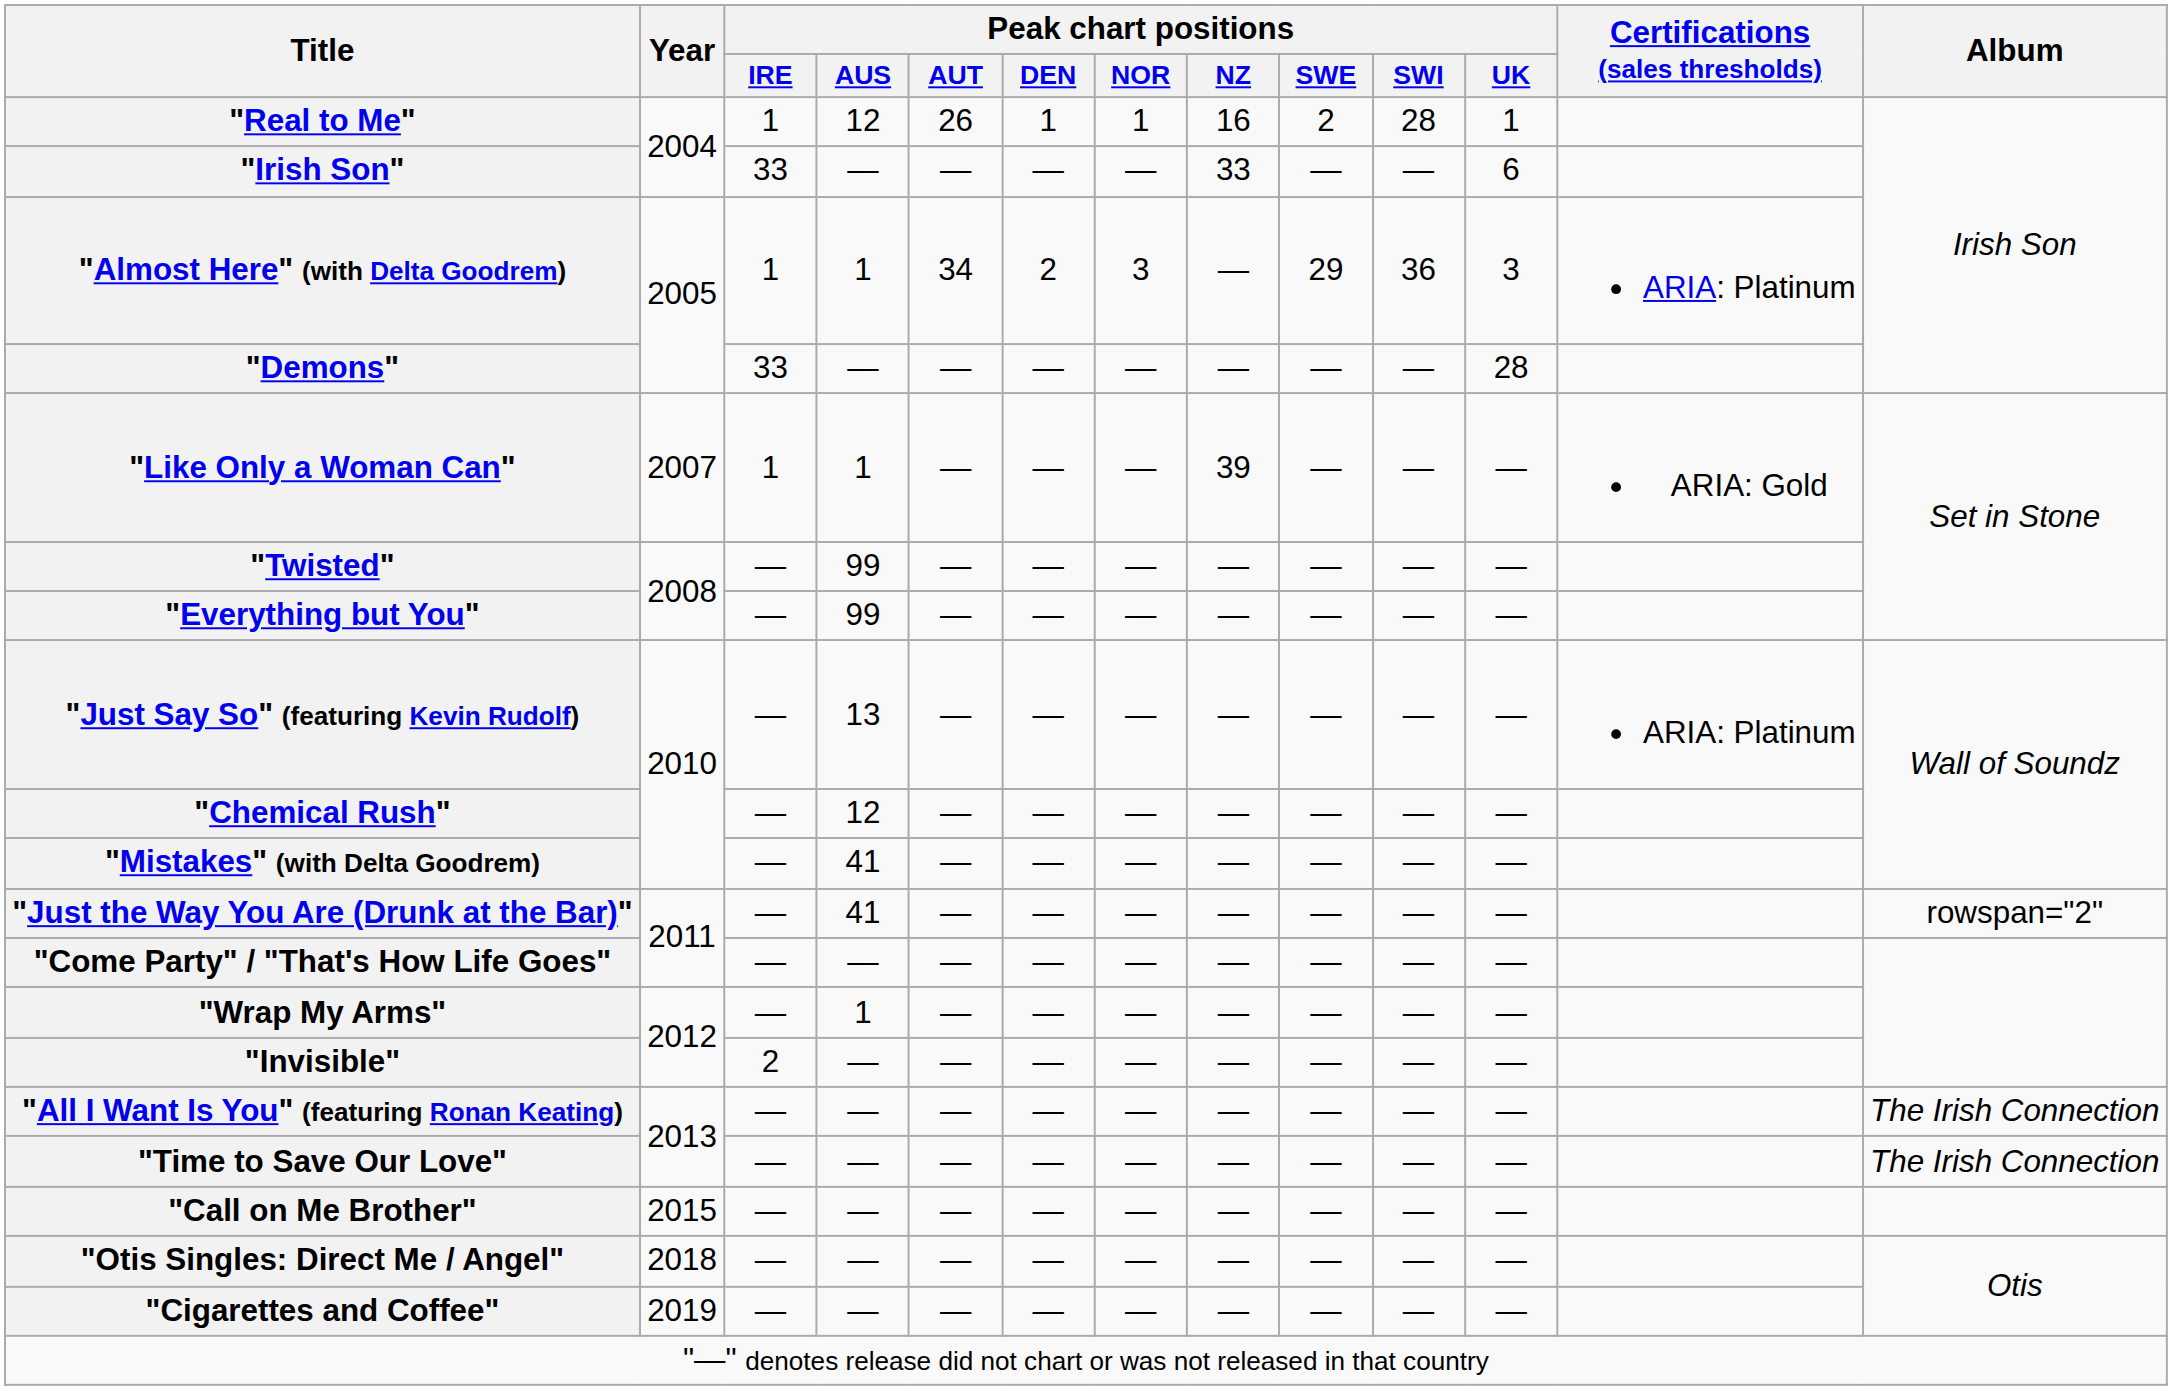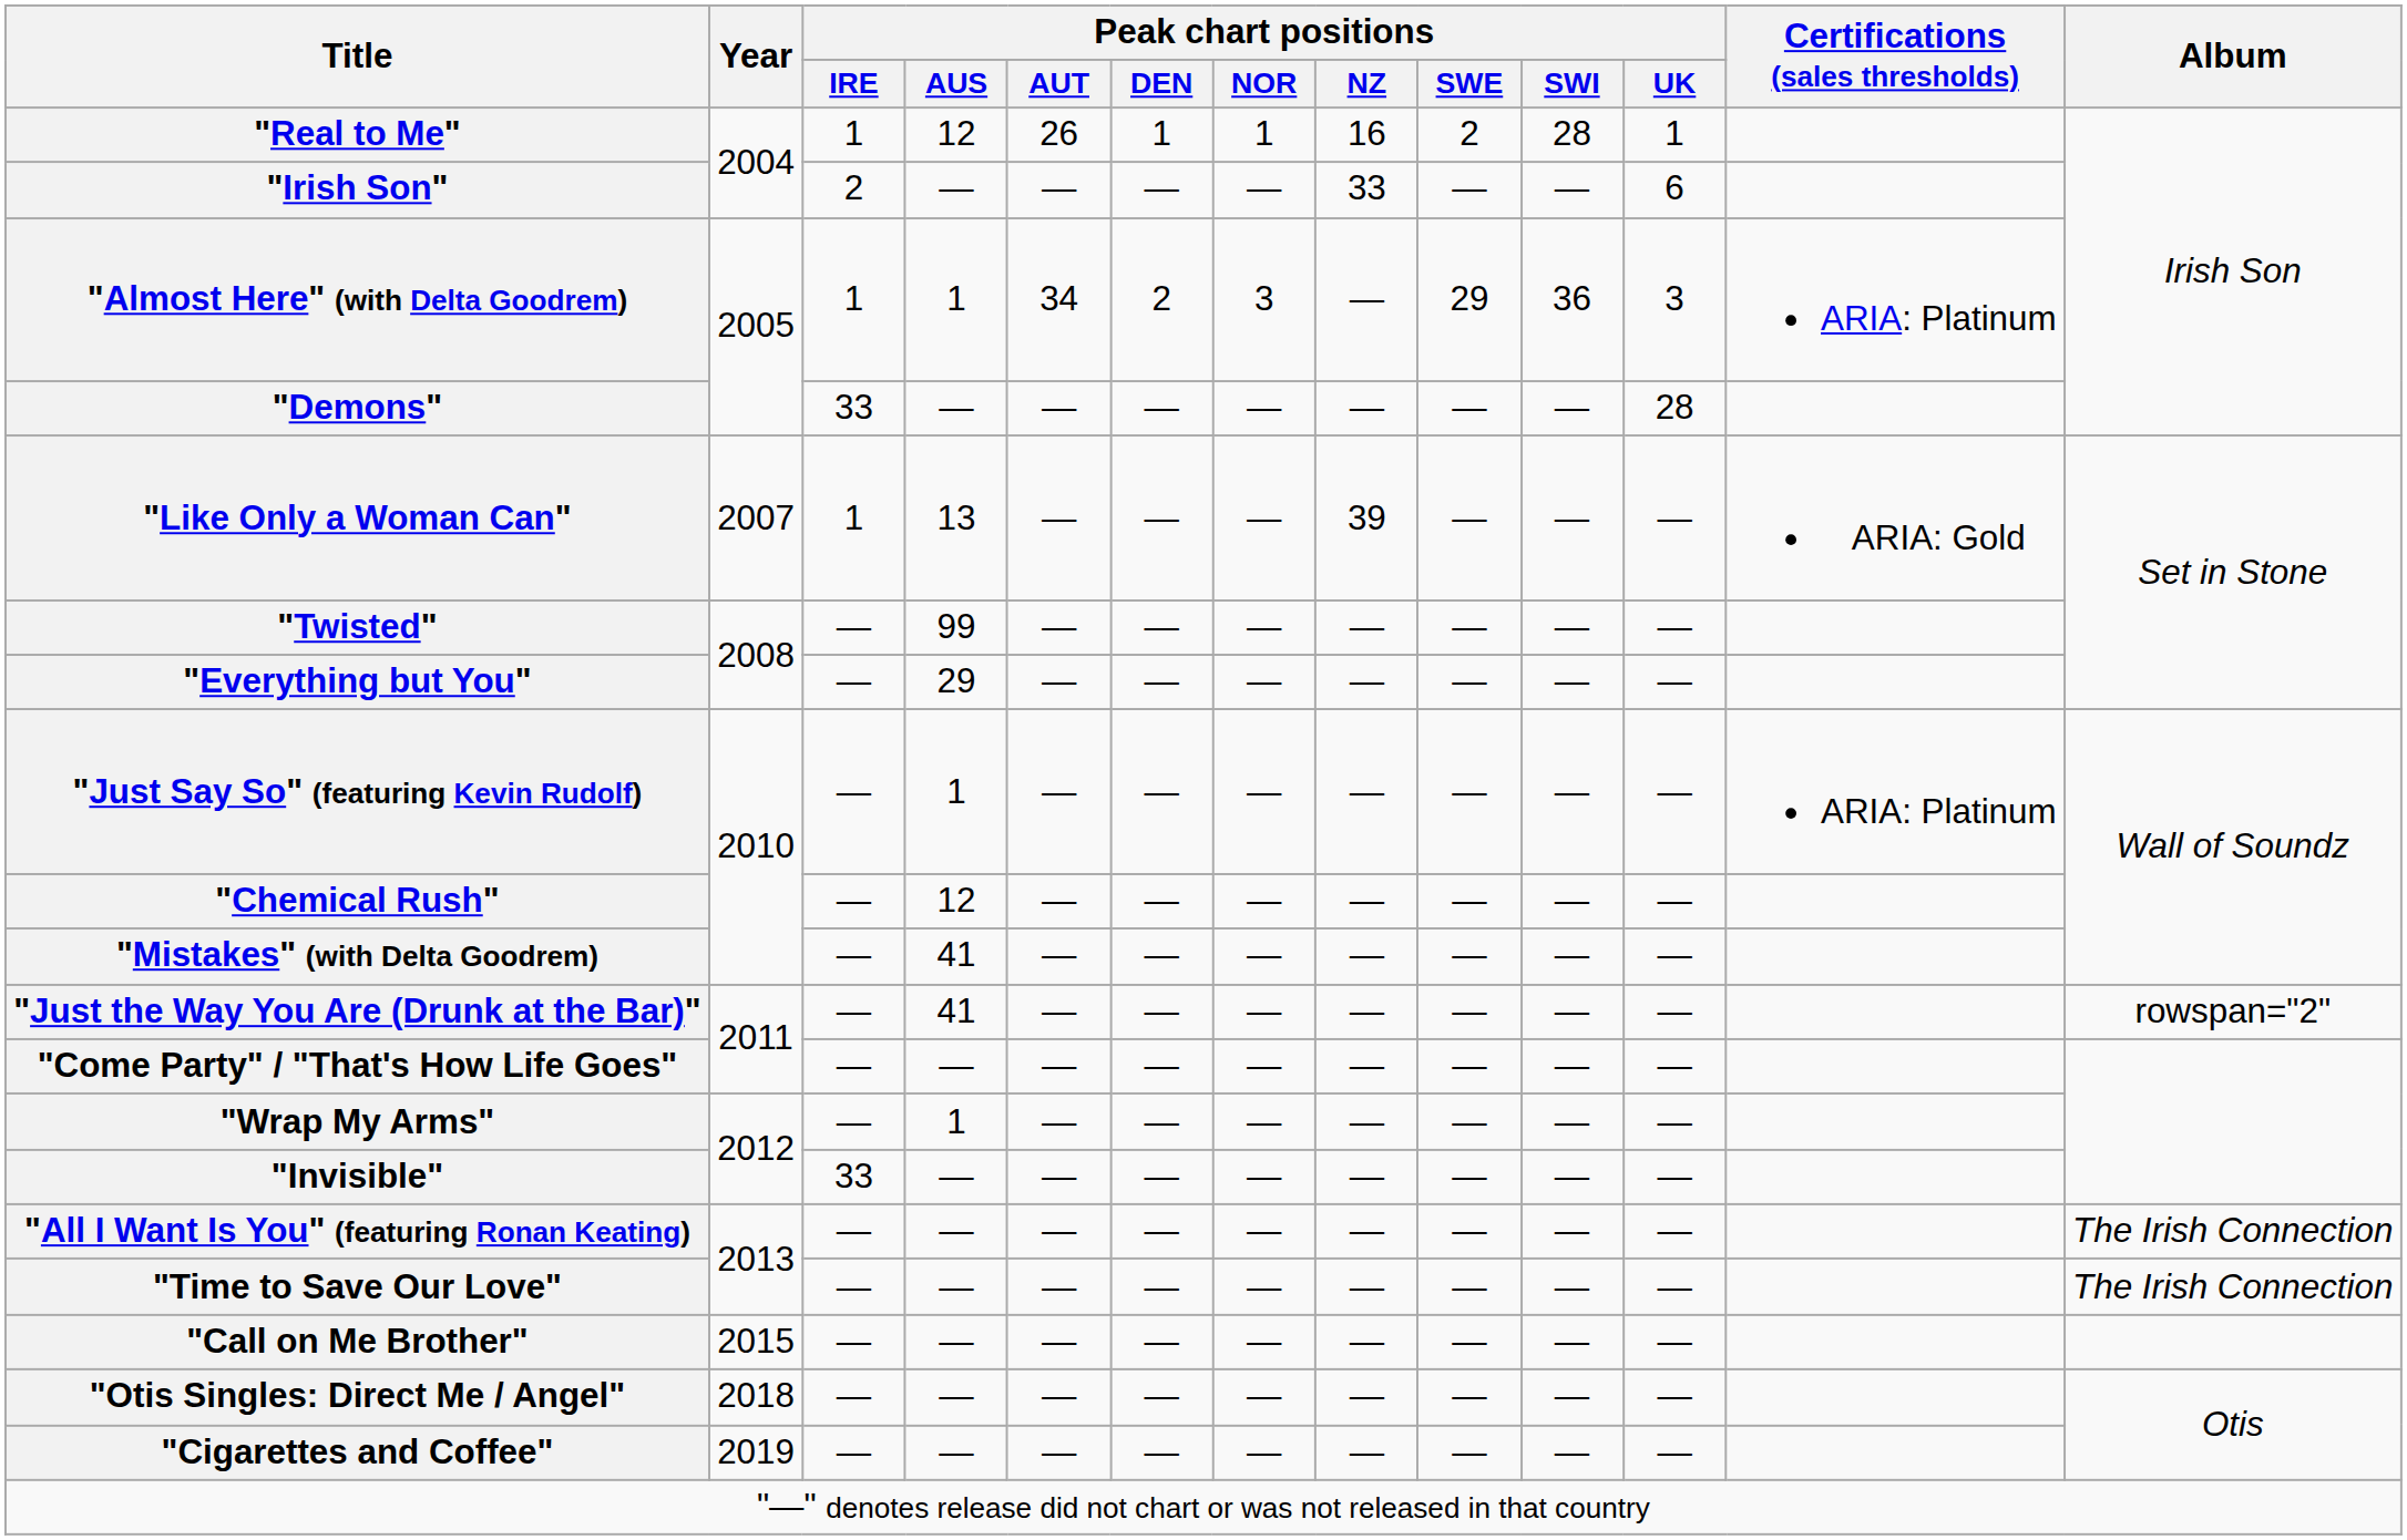 <table class="wikitable plainrowheaders" style="text-align:center;">
 <tr>
 <th rowspan="2">Title</th>
 <th rowspan="2">Year</th>
 <th colspan="9">Peak chart positions</th>
 <th rowspan="2"><a href='#'>Certifications</a><br><small><a href='#'>(sales thresholds)</a></small></th>
 <th rowspan="2">Album</th>
 </tr>
 <tr>
 <th style="width:3em;font-size:85%;"><a href='#'>IRE</a><br></th>
 <th style="width:3em;font-size:85%;"><a href='#'>AUS</a><br></th>
 <th style="width:3em;font-size:85%;"><a href='#'>AUT</a><br></th>
 <th style="width:3em;font-size:85%;"><a href='#'>DEN</a><br></th>
 <th style="width:3em;font-size:85%;"><a href='#'>NOR</a><br></th>
 <th style="width:3em;font-size:85%;"><a href='#'>NZ</a><br></th>
 <th style="width:3em;font-size:85%;"><a href='#'>SWE</a><br></th>
 <th style="width:3em;font-size:85%;"><a href='#'>SWI</a><br></th>
 <th style="width:3em;font-size:85%;"><a href='#'>UK</a><br></th>
 </tr>
 <tr>
 <th scope="row">"<a href='#'>Real to Me</a>"</th>
 <td rowspan="2">2004</td>
 <td>1</td>
 <td>12</td>
 <td>26</td>
 <td>1</td>
 <td>1</td>
 <td>16</td>
 <td>2</td>
 <td>28</td>
 <td>1</td>
 <td></td>
 <td rowspan="4"><em>Irish Son</em></td>
 </tr>
 <tr>
 <th scope="row">"<a href='#'>Irish Son</a>"</th>
-<td>33</td>
+<td>2</td>
 <td>—</td>
 <td>—</td>
 <td>—</td>
 <td>—</td>
 <td>33</td>
 <td>—</td>
 <td>—</td>
 <td>6</td>
 <td></td>
 </tr>
 <tr>
 <th scope="row">"<a href='#'>Almost Here</a>" <small>(with <a href='#'>Delta Goodrem</a>)</small></th>
 <td rowspan="2">2005</td>
 <td>1</td>
 <td>1</td>
 <td>34</td>
 <td>2</td>
 <td>3</td>
 <td>—</td>
 <td>29</td>
 <td>36</td>
 <td>3</td>
 <td><br><ul><li><a href='#'>ARIA</a>: Platinum</li></ul></td>
 </tr>
 <tr>
 <th scope="row">"<a href='#'>Demons</a>"</th>
 <td>33</td>
 <td>—</td>
 <td>—</td>
 <td>—</td>
 <td>—</td>
 <td>—</td>
 <td>—</td>
 <td>—</td>
 <td>28</td>
 <td></td>
 </tr>
 <tr>
 <th scope="row">"<a href='#'>Like Only a Woman Can</a>"</th>
 <td>2007</td>
 <td>1</td>
-<td>1</td>
+<td>13</td>
 <td>—</td>
 <td>—</td>
 <td>—</td>
 <td>39</td>
 <td>—</td>
 <td>—</td>
 <td>—</td>
 <td><br><ul><li>ARIA: Gold</li></ul></td>
 <td rowspan="3"><em>Set in Stone</em></td>
 </tr>
 <tr>
 <th scope="row">"<a href='#'>Twisted</a>"</th>
 <td rowspan="2">2008</td>
 <td>—</td>
 <td>99</td>
 <td>—</td>
 <td>—</td>
 <td>—</td>
 <td>—</td>
 <td>—</td>
 <td>—</td>
 <td>—</td>
 <td></td>
 </tr>
 <tr>
 <th scope="row">"<a href='#'>Everything but You</a>"</th>
 <td>—</td>
-<td>99</td>
+<td>29</td>
 <td>—</td>
 <td>—</td>
 <td>—</td>
 <td>—</td>
 <td>—</td>
 <td>—</td>
 <td>—</td>
 <td></td>
 </tr>
 <tr>
 <th scope="row">"<a href='#'>Just Say So</a>" <small>(featuring <a href='#'>Kevin Rudolf</a>)</small></th>
 <td rowspan="3">2010</td>
 <td>—</td>
-<td>13</td>
+<td>1</td>
 <td>—</td>
 <td>—</td>
 <td>—</td>
 <td>—</td>
 <td>—</td>
 <td>—</td>
 <td>—</td>
 <td><br><ul><li>ARIA: Platinum</li></ul></td>
 <td rowspan="3"><em>Wall of Soundz</em></td>
 </tr>
 <tr>
 <th scope="row">"<a href='#'>Chemical Rush</a>"</th>
 <td>—</td>
 <td>12</td>
 <td>—</td>
 <td>—</td>
 <td>—</td>
 <td>—</td>
 <td>—</td>
 <td>—</td>
 <td>—</td>
 <td></td>
 </tr>
 <tr>
 <th scope="row">"<a href='#'>Mistakes</a>" <small>(with Delta Goodrem)</small></th>
 <td>—</td>
 <td>41</td>
 <td>—</td>
 <td>—</td>
 <td>—</td>
 <td>—</td>
 <td>—</td>
 <td>—</td>
 <td>—</td>
 <td></td>
 </tr>
 <tr>
 <th scope="row">"<a href='#'>Just the Way You Are (Drunk at the Bar)</a>"</th>
 <td rowspan="2">2011</td>
 <td>—</td>
 <td>41</td>
 <td>—</td>
 <td>—</td>
 <td>—</td>
 <td>—</td>
 <td>—</td>
 <td>—</td>
 <td>—</td>
 <td></td>
 <td>rowspan="2" </td>
 </tr>
 <tr>
 <th scope="row">"Come Party" / "That's How Life Goes"</th>
 <td>—</td>
 <td>—</td>
 <td>—</td>
 <td>—</td>
 <td>—</td>
 <td>—</td>
 <td>—</td>
 <td>—</td>
 <td>—</td>
 <td></td>
 </tr>
 <tr>
 <th scope="row">"Wrap My Arms"</th>
 <td rowspan="2">2012</td>
 <td>—</td>
 <td>1</td>
 <td>—</td>
 <td>—</td>
 <td>—</td>
 <td>—</td>
 <td>—</td>
 <td>—</td>
 <td>—</td>
 <td></td>
 </tr>
 <tr>
 <th scope="row">"Invisible"</th>
-<td>2</td>
+<td>33</td>
 <td>—</td>
 <td>—</td>
 <td>—</td>
 <td>—</td>
 <td>—</td>
 <td>—</td>
 <td>—</td>
 <td>—</td>
 <td></td>
 </tr>
 <tr>
 <th scope="row">"<a href='#'>All I Want Is You</a>" <small>(featuring <a href='#'>Ronan Keating</a>)</small></th>
 <td rowspan="2">2013</td>
 <td>—</td>
 <td>—</td>
 <td>—</td>
 <td>—</td>
 <td>—</td>
 <td>—</td>
 <td>—</td>
 <td>—</td>
 <td>—</td>
 <td></td>
 <td><em>The Irish Connection</em></td>
 </tr>
 <tr>
 <th scope="row">"Time to Save Our Love"</th>
 <td>—</td>
 <td>—</td>
 <td>—</td>
 <td>—</td>
 <td>—</td>
 <td>—</td>
 <td>—</td>
 <td>—</td>
 <td>—</td>
 <td></td>
 <td><em>The Irish Connection</em></td>
 </tr>
 <tr>
 <th scope="row">"Call on Me Brother"</th>
 <td>2015</td>
 <td>—</td>
 <td>—</td>
 <td>—</td>
 <td>—</td>
 <td>—</td>
 <td>—</td>
 <td>—</td>
 <td>—</td>
 <td>—</td>
 <td></td>
 </tr>
 <tr>
 <th scope="row">"Otis Singles: Direct Me / Angel" </th>
 <td>2018</td>
 <td>—</td>
 <td>—</td>
 <td>—</td>
 <td>—</td>
 <td>—</td>
 <td>—</td>
 <td>—</td>
 <td>—</td>
 <td>—</td>
 <td></td>
 <td rowspan="2"><em>Otis</em></td>
 </tr>
 <tr>
 <th scope="row">"Cigarettes and Coffee"</th>
 <td>2019</td>
 <td>—</td>
 <td>—</td>
 <td>—</td>
 <td>—</td>
 <td>—</td>
 <td>—</td>
 <td>—</td>
 <td>—</td>
 <td>—</td>
 <td></td>
 </tr>
 <tr>
 <td colspan="13">"—" <small>denotes release did not chart or was not released in that country</small></td>
 </tr>
 </table>
